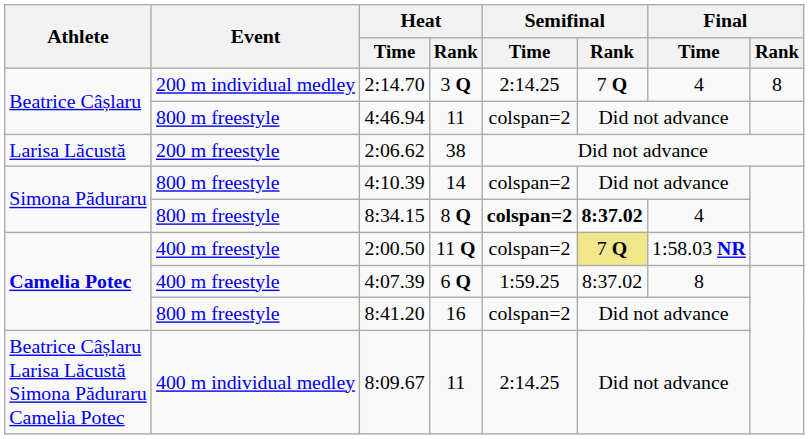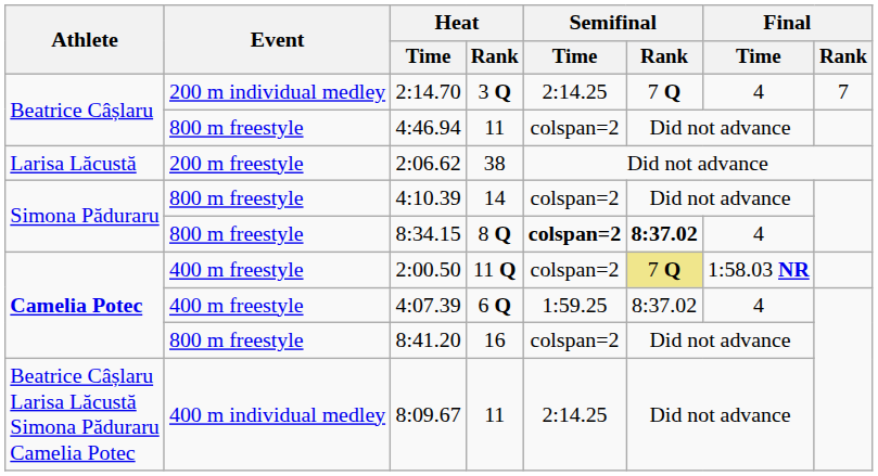 <table class=wikitable style="font-size:90%">
 <tr>
 <th rowspan="2">Athlete</th>
 <th rowspan="2">Event</th>
 <th colspan="2">Heat</th>
 <th colspan="2">Semifinal</th>
 <th colspan="2">Final</th>
 </tr>
 <tr style="font-size:95%">
 <th>Time</th>
 <th>Rank</th>
 <th>Time</th>
 <th>Rank</th>
 <th>Time</th>
 <th>Rank</th>
 </tr>
 <tr align=center>
 <td align=left rowspan=2><a href='#'>Beatrice Câșlaru</a></td>
 <td align=left><a href='#'>200 m individual medley</a></td>
 <td>2:14.70</td>
 <td>3 <strong>Q</strong></td>
 <td>2:14.25</td>
 <td>7 <strong>Q</strong></td>
 <td>4</td>
-<td>8</td>
+<td>7</td>
 </tr>
 <tr align=center>
 <td align=left><a href='#'>800 m freestyle</a></td>
 <td>4:46.94</td>
 <td>11</td>
 <td>colspan=2 </td>
 <td colspan=2>Did not advance</td>
 </tr>
 <tr align=center>
 <td align=left><a href='#'>Larisa Lăcustă</a></td>
 <td align=left><a href='#'>200 m freestyle</a></td>
 <td>2:06.62</td>
 <td>38</td>
 <td colspan=4>Did not advance</td>
 </tr>
 <tr align=center>
 <td align=left rowspan=2><a href='#'>Simona Păduraru</a></td>
 <td align=left><a href='#'>800 m freestyle</a></td>
 <td>4:10.39</td>
 <td>14</td>
 <td>colspan=2 </td>
 <td colspan=2>Did not advance</td>
 </tr>
 <tr align=center>
 <td align=left><a href='#'>800 m freestyle</a></td>
 <td>8:34.15</td>
 <td>8 <strong>Q</strong></td>
 <td><strong>colspan=2 </strong></td>
 <td><strong>8:37.02</strong></td>
 <td>4</td>
 </tr>
 <tr align=center>
 <td align=left rowspan=3><strong><a href='#'>Camelia Potec</a></strong></td>
 <td align=left><a href='#'>400 m freestyle</a></td>
 <td>2:00.50</td>
 <td>11 <strong>Q</strong></td>
 <td>colspan=2 </td>
 <td style="background: khaki;">7 <strong>Q</strong></td>
 <td>1:58.03 <strong><a href='#'>NR</a></strong></td>
 <td></td>
 </tr>
 <tr align=center>
 <td align=left><a href='#'>400 m freestyle</a></td>
 <td>4:07.39</td>
 <td>6 <strong>Q</strong></td>
 <td>1:59.25</td>
 <td>8:37.02</td>
-<td>8</td>
+<td>4</td>
 </tr>
 <tr align=center>
 <td align=left><a href='#'>800 m freestyle</a></td>
 <td>8:41.20</td>
 <td>16</td>
 <td>colspan=2 </td>
 <td colspan=2>Did not advance</td>
 </tr>
 <tr align=center>
 <td align=left><a href='#'>Beatrice Câșlaru</a><br><a href='#'>Larisa Lăcustă</a><br><a href='#'>Simona Păduraru</a><br><a href='#'>Camelia Potec</a></td>
 <td align=left><a href='#'>400 m individual medley</a></td>
 <td>8:09.67</td>
 <td>11</td>
 <td>2:14.25</td>
 <td colspan=2>Did not advance</td>
 </tr>
 </table>
